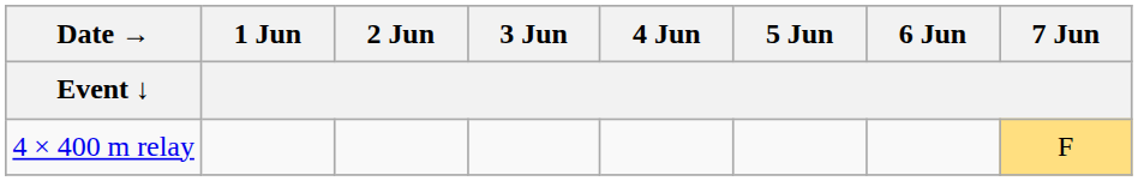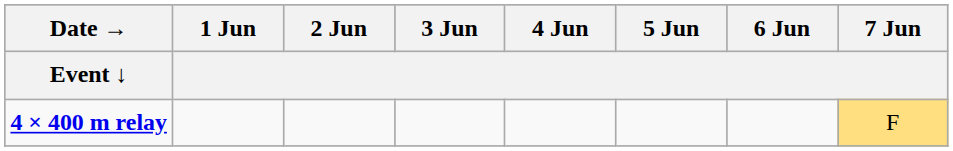 <table class="wikitable mw-datatable" style="font-size:90%; line-height:1.5em;">
 <tr align=center>
 <th>Date →</th>
 <th width=60px>1 Jun</th>
 <th width=60px>2 Jun</th>
 <th width=60px>3 Jun</th>
 <th width=60px>4 Jun</th>
 <th width=60px colspan=2>5 Jun</th>
 <th width=60px>6 Jun</th>
 <th width=60px colspan=2>7 Jun</th>
 </tr>
 <tr>
 <th>Event ↓</th>
 <th colspan=9></th>
 </tr>
 <tr align=center>
-<td align=left><a href='#'>4 × 400 m relay</a></td>
+<td align=left><strong><a href='#'>4 × 400 m relay</a></strong></td>
 <td></td>
 <td></td>
 <td></td>
 <td></td>
 <td colspan=2></td>
 <td></td>
 <td bgcolor="#FFDF80" colspan=2>F</td>
 </tr>
 </table>
